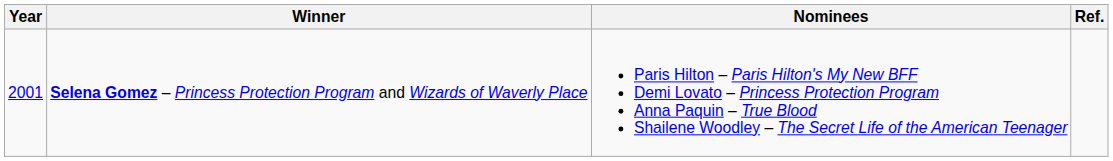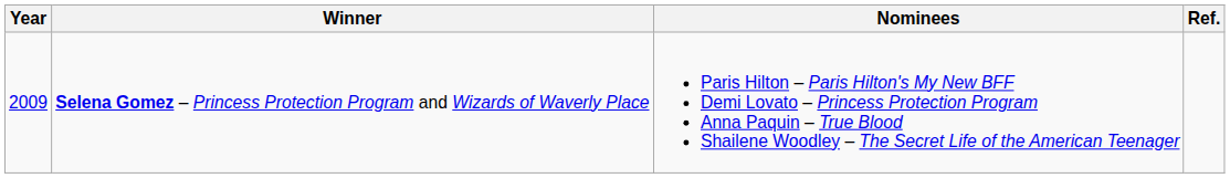 <table class="wikitable">
 <tr>
 <th>Year</th>
 <th>Winner</th>
 <th>Nominees</th>
 <th>Ref.</th>
 </tr>
 <tr>
-<td align="center"><a href='#'>2001</a></td>
+<td align="center"><a href='#'>2009</a></td>
 <td><strong><a href='#'>Selena Gomez</a></strong> – <em><a href='#'>Princess Protection Program</a></em> and <em><a href='#'>Wizards of Waverly Place</a></em></td>
 <td><br><ul><li><a href='#'>Paris Hilton</a> – <em><a href='#'>Paris Hilton's My New BFF</a></em></li><li><a href='#'>Demi Lovato</a> – <em><a href='#'>Princess Protection Program</a></em></li><li><a href='#'>Anna Paquin</a> – <em><a href='#'>True Blood</a></em></li><li><a href='#'>Shailene Woodley</a> – <em><a href='#'>The Secret Life of the American Teenager</a></em></li></ul></td>
 <td align="center"></td>
 </tr>
 </table>
